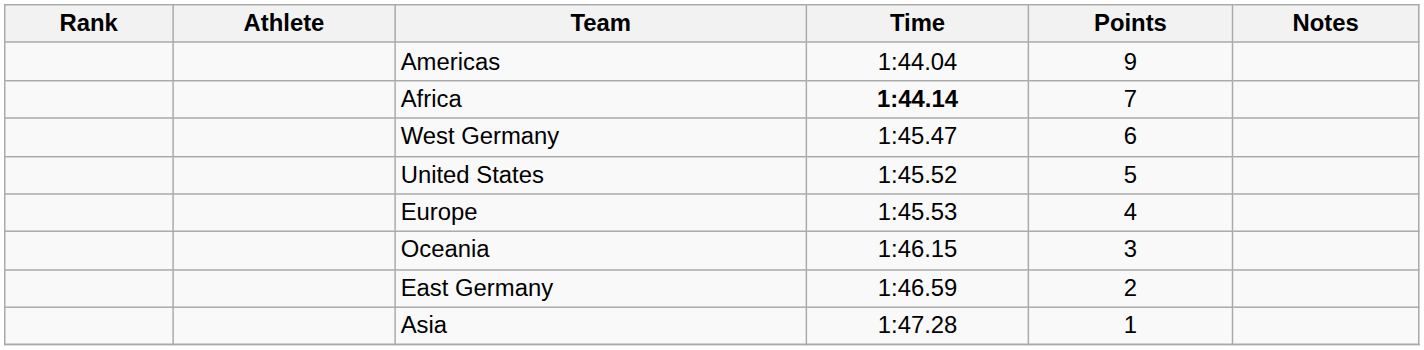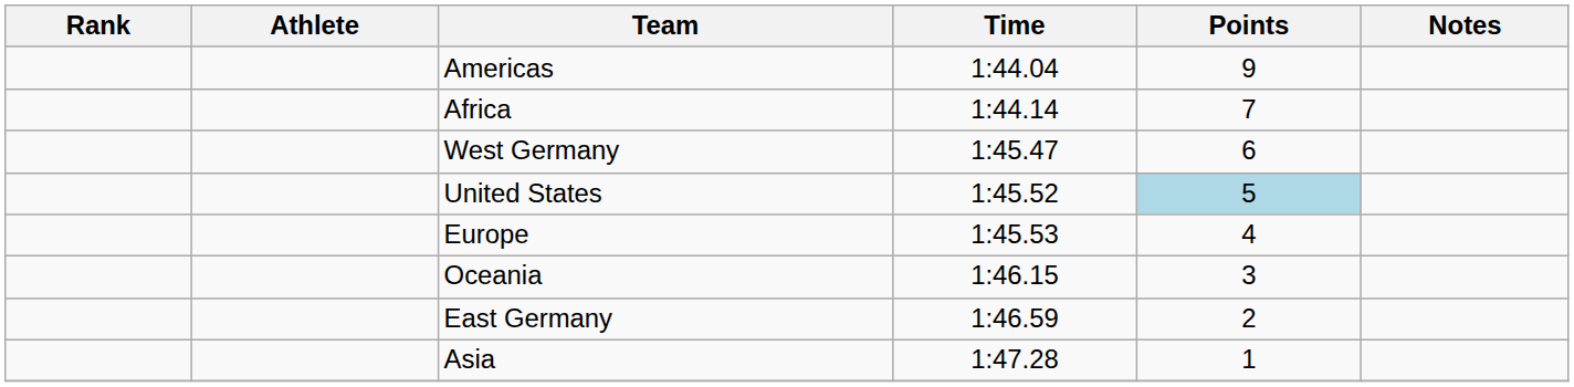 <table class="wikitable sortable" style="text-align:center" width="60%">
 <tr>
 <th>Rank</th>
 <th>Athlete</th>
 <th>Team</th>
 <th>Time</th>
 <th>Points</th>
 <th>Notes</th>
 </tr>
 <tr>
 <td></td>
 <td align="left"></td>
 <td align=left>Americas</td>
 <td>1:44.04</td>
 <td>9</td>
 <td></td>
 </tr>
 <tr>
 <td></td>
 <td align="left"></td>
 <td align=left>Africa</td>
-<td><strong>1:44.14</strong></td>
+<td>1:44.14</td>
 <td>7</td>
 <td></td>
 </tr>
 <tr>
 <td></td>
 <td align="left"></td>
 <td align=left>West Germany</td>
 <td>1:45.47</td>
 <td>6</td>
 <td></td>
 </tr>
 <tr>
 <td></td>
 <td align="left"></td>
 <td align=left>United States</td>
 <td>1:45.52</td>
-<td>5</td>
+<td style="background: lightblue;">5</td>
 <td></td>
 </tr>
 <tr>
 <td></td>
 <td align="left"></td>
 <td align=left>Europe</td>
 <td>1:45.53</td>
 <td>4</td>
 <td></td>
 </tr>
 <tr>
 <td></td>
 <td align="left"></td>
 <td align=left>Oceania</td>
 <td>1:46.15</td>
 <td>3</td>
 <td></td>
 </tr>
 <tr>
 <td></td>
 <td align="left"></td>
 <td align=left>East Germany</td>
 <td>1:46.59</td>
 <td>2</td>
 <td></td>
 </tr>
 <tr>
 <td></td>
 <td align="left"></td>
 <td align=left>Asia</td>
 <td>1:47.28</td>
 <td>1</td>
 <td></td>
 </tr>
 <tr>
 </tr>
 </table>
